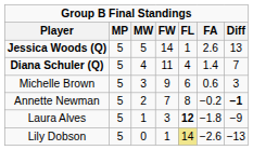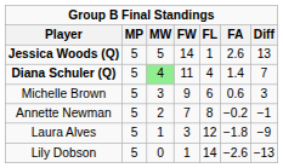 <table class="wikitable" style="text-align: center; display: inline-table;">
 <tr>
 <td colspan="7"><strong>Group B Final Standings</strong></td>
 </tr>
 <tr>
 <th>Player</th>
 <th>MP</th>
 <th>MW</th>
 <th>FW</th>
 <th>FL</th>
 <th>FA</th>
 <th>Diff</th>
 </tr>
 <tr>
 <td> <strong>Jessica Woods (Q)</strong></td>
 <td>5</td>
 <td>5</td>
 <td>14</td>
 <td>1</td>
 <td>2.6</td>
 <td>13</td>
 </tr>
 <tr>
 <td> <strong>Diana Schuler (Q)</strong></td>
 <td>5</td>
-<td>4</td>
+<td style="background: lightgreen;">4</td>
 <td>11</td>
 <td>4</td>
 <td>1.4</td>
 <td>7</td>
 </tr>
 <tr>
 <td> Michelle Brown</td>
 <td>5</td>
 <td>3</td>
 <td>9</td>
 <td>6</td>
 <td>0.6</td>
 <td>3</td>
 </tr>
 <tr>
 <td> Annette Newman</td>
 <td>5</td>
 <td>2</td>
 <td>7</td>
 <td>8</td>
 <td>−0.2</td>
-<td><strong>−1</strong></td>
+<td>−1</td>
 </tr>
 <tr>
 <td> Laura Alves</td>
 <td>5</td>
 <td>1</td>
 <td>3</td>
-<td><strong>12</strong></td>
+<td>12</td>
 <td>−1.8</td>
 <td>−9</td>
 </tr>
 <tr>
 <td> Lily Dobson</td>
 <td>5</td>
 <td>0</td>
 <td>1</td>
-<td style="background: khaki;">14</td>
+<td>14</td>
 <td>−2.6</td>
 <td>−13</td>
 </tr>
 </table>
